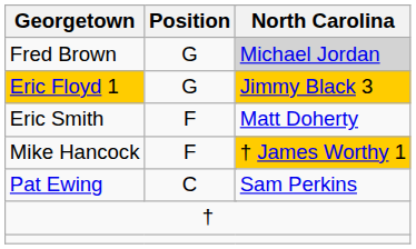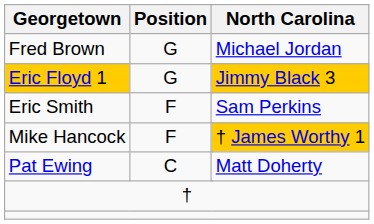 <table class="wikitable">
 <tr>
 <th>Georgetown</th>
 <th colspan="2">Position</th>
 <th>North Carolina</th>
 </tr>
 <tr>
 <td>Fred Brown</td>
 <td colspan=2 style="text-align:center">G</td>
-<td style="background: lightgrey;"><a href='#'>Michael Jordan</a></td>
+<td><a href='#'>Michael Jordan</a></td>
 </tr>
 <tr>
 <td style="background:#ffcc00"><a href='#'>Eric Floyd</a> 1</td>
 <td colspan=2 style="text-align:center">G</td>
 <td style="background:#ffcc00"><a href='#'>Jimmy Black</a> 3</td>
 </tr>
 <tr>
 <td>Eric Smith</td>
 <td colspan=2 style="text-align:center">F</td>
-<td><a href='#'>Matt Doherty</a></td>
+<td><a href='#'>Sam Perkins</a></td>
 </tr>
 <tr>
 <td>Mike Hancock</td>
 <td colspan=2 style="text-align:center">F</td>
 <td style="background:#ffcc00">† <a href='#'>James Worthy</a> 1</td>
 </tr>
 <tr>
 <td><a href='#'>Pat Ewing</a></td>
 <td colspan=2 style="text-align:center">C</td>
-<td><a href='#'>Sam Perkins</a></td>
+<td><a href='#'>Matt Doherty</a></td>
 </tr>
 <tr>
 <td colspan="5" align=center>† </td>
 </tr>
 <tr>
 <td colspan="5" align=center></td>
 </tr>
 </table>
